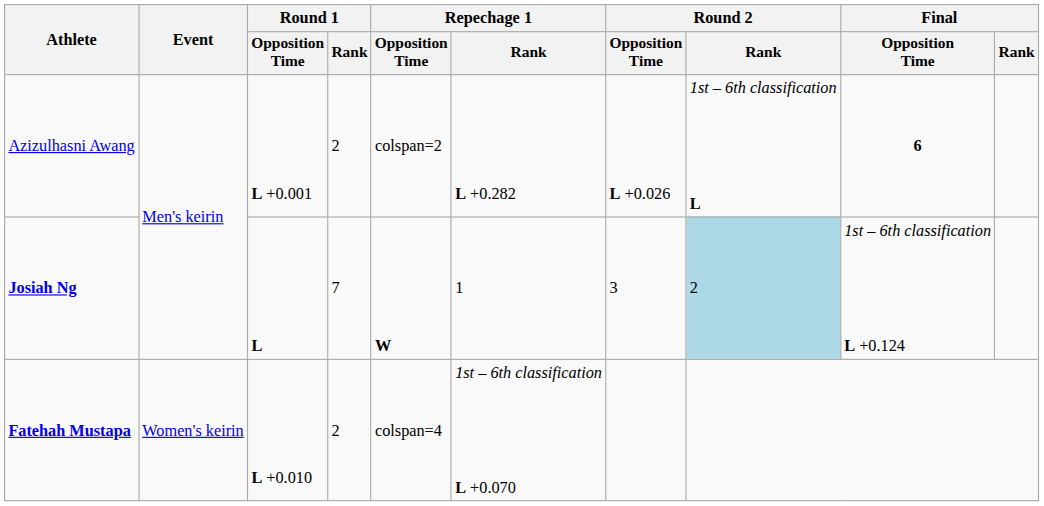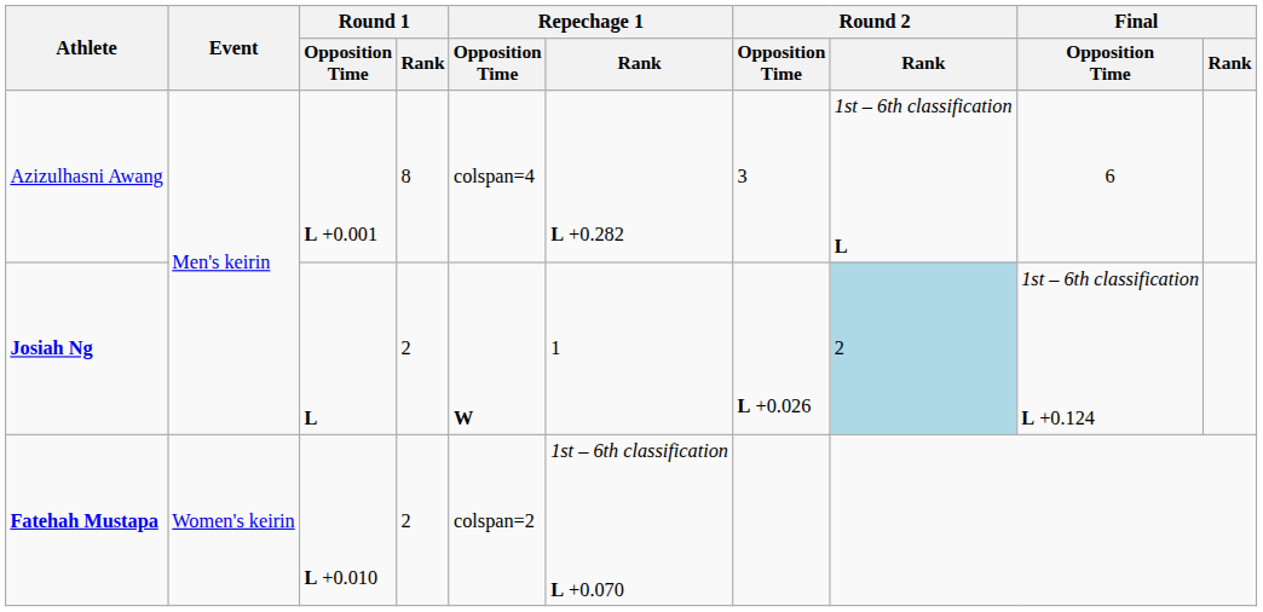 <table class=wikitable style="text-align:left; font-size:90%">
 <tr>
 <th rowspan=2>Athlete</th>
 <th rowspan=2>Event</th>
 <th colspan=2>Round 1</th>
 <th colspan=2>Repechage 1</th>
 <th colspan=2>Round 2</th>
 <th colspan=2>Final</th>
 </tr>
 <tr style="font-size:95%">
 <th>Opposition<br>Time</th>
 <th>Rank</th>
 <th>Opposition<br>Time</th>
 <th>Rank</th>
 <th>Opposition<br>Time</th>
 <th>Rank</th>
 <th>Opposition<br>Time</th>
 <th>Rank</th>
 </tr>
 <tr>
 <td align=left><a href='#'>Azizulhasni Awang</a></td>
 <td align=left rowspan=2><a href='#'>Men's keirin</a></td>
 <td><br><br><br><br><br><strong>L</strong> +0.001</td>
-<td>2 <strong></strong></td>
-<td>colspan=2 </td>
+<td>8 <strong></strong></td>
+<td>colspan=4 </td>
 <td><br><br><br><br><br><strong>L</strong> +0.282</td>
-<td><br><br><br><br><br><strong>L</strong> +0.026</td>
+<td>3 <strong></strong></td>
 <td><em>1st – 6th classification</em><br><br><br><br><br><br><strong>L</strong> </td>
-<td align=center><strong>6</strong></td>
+<td align=center>6</td>
 </tr>
 <tr>
 <td align=left><strong><a href='#'>Josiah Ng</a></strong></td>
 <td><br><br><br><br><br><br><strong>L</strong> </td>
-<td>7 <strong></strong></td>
+<td>2 <strong></strong></td>
 <td><br><br><br><br><br><br><strong>W</strong></td>
 <td>1 <strong></strong></td>
-<td>3 <strong></strong></td>
+<td><br><br><br><br><br><strong>L</strong> +0.026</td>
 <td style="background: lightblue;">2 <strong></strong></td>
 <td><em>1st – 6th classification</em><br><br><br><br><br><br><strong>L</strong> +0.124</td>
 <td align=center></td>
 </tr>
 <tr>
 <td align=left><strong><a href='#'>Fatehah Mustapa</a></strong></td>
 <td align=left rowspan=2><a href='#'>Women's keirin</a></td>
 <td><br><br><br><br><br><strong>L</strong> +0.010</td>
 <td>2 <strong></strong></td>
-<td>colspan=4 </td>
+<td>colspan=2 </td>
 <td><em>1st – 6th classification</em><br><br><br><br><br><br><strong>L</strong> +0.070</td>
 <td align=center></td>
 </tr>
 </table>
